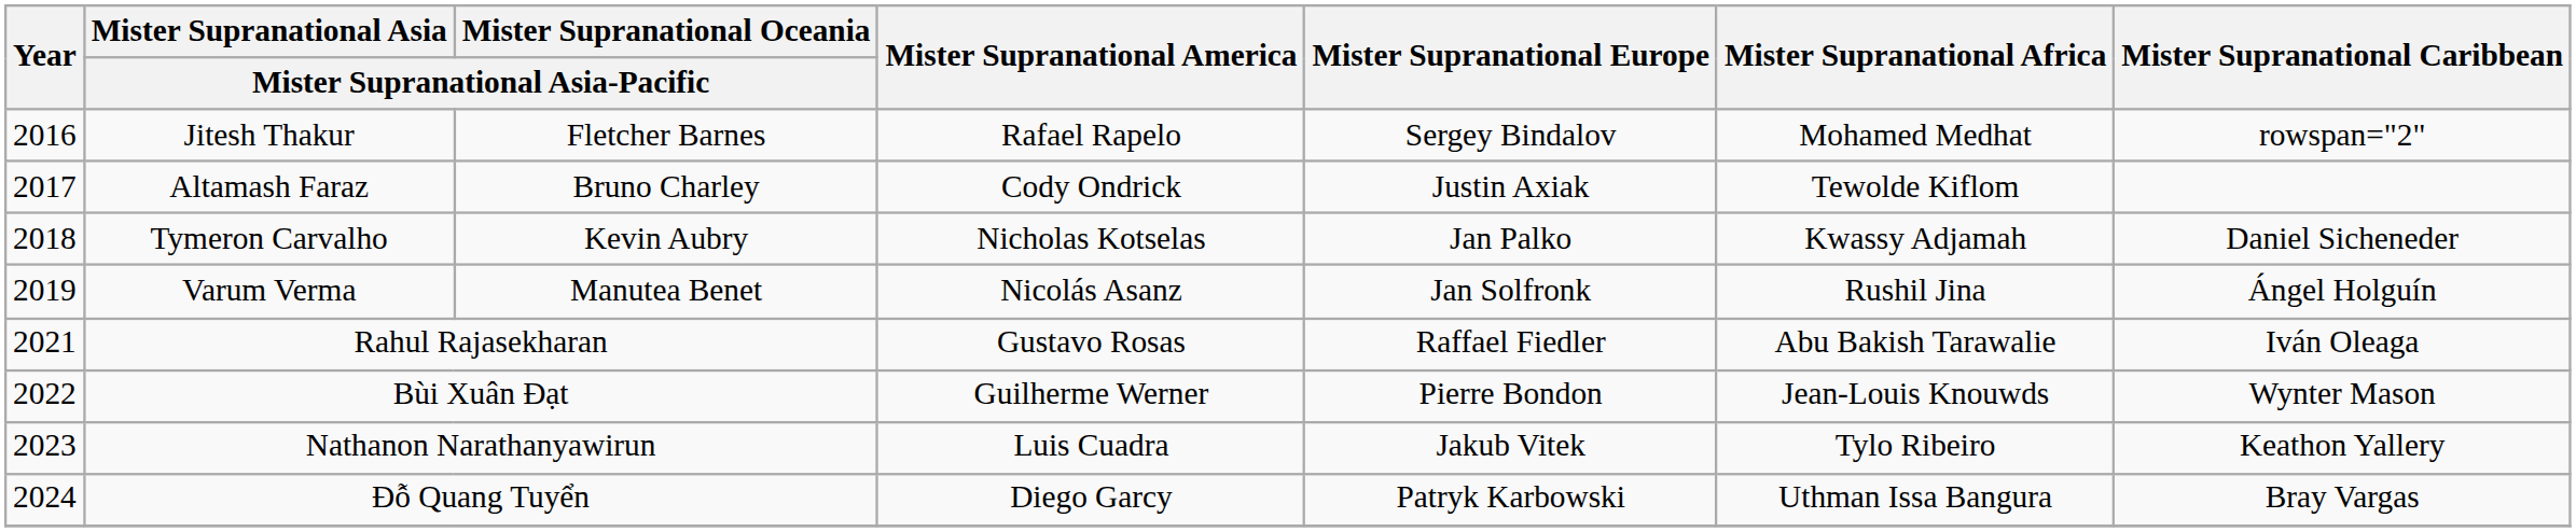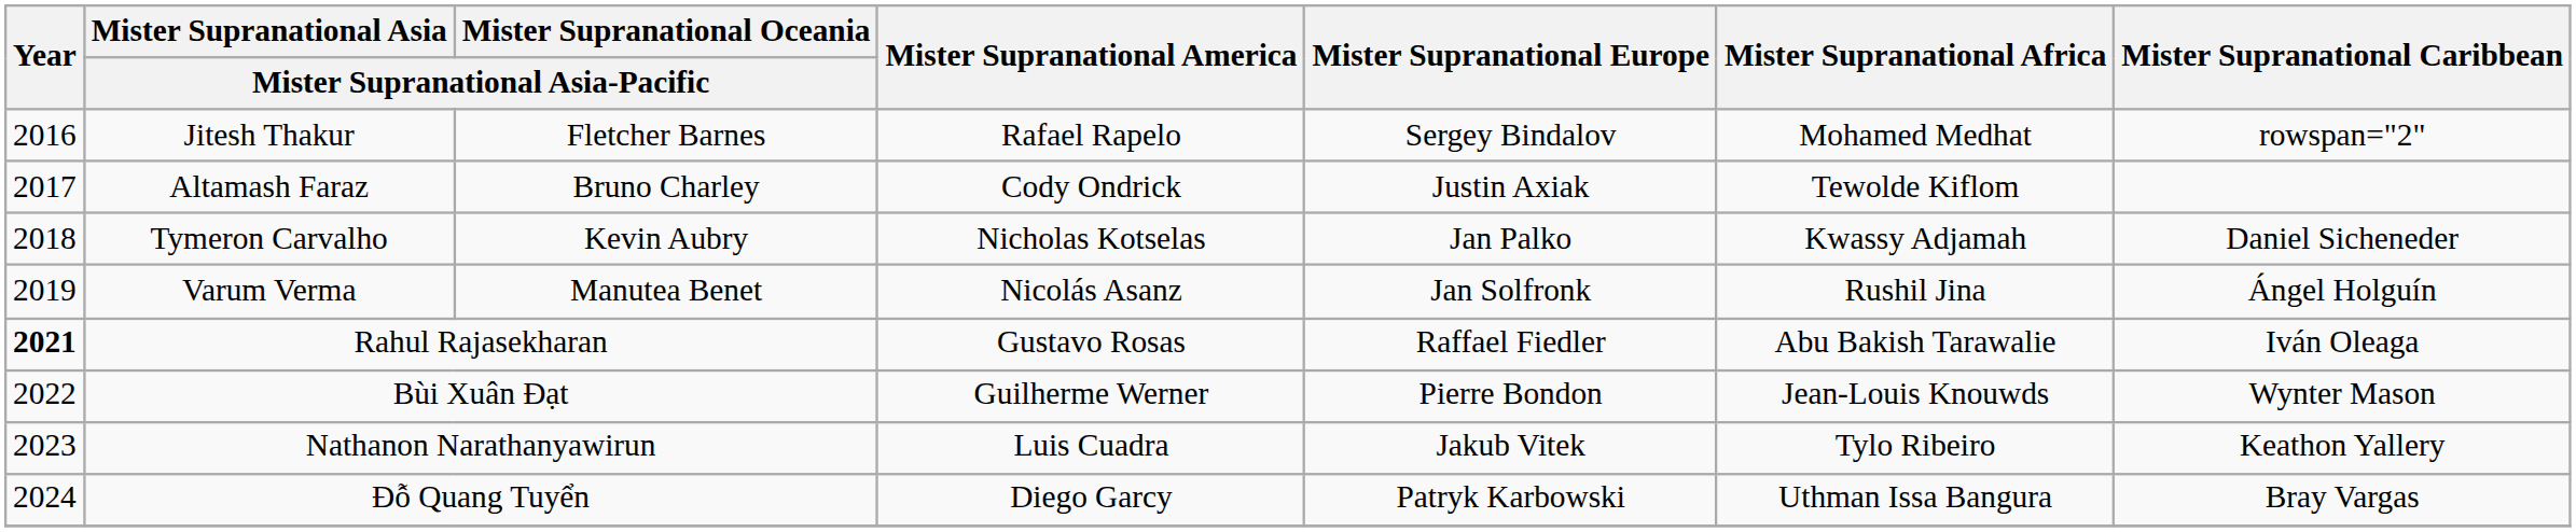 <table class="wikitable" style="font-size: 80%; text-align:center;">
 <tr>
 <th rowspan="2">Year</th>
 <th>Mister Supranational Asia</th>
 <th>Mister Supranational Oceania</th>
 <th rowspan="2">Mister Supranational America</th>
 <th rowspan="2">Mister Supranational Europe</th>
 <th rowspan="2">Mister Supranational Africa</th>
 <th rowspan="2">Mister Supranational Caribbean</th>
 </tr>
 <tr>
 <th colspan="2">Mister Supranational Asia-Pacific</th>
 </tr>
 <tr>
 <td>2016</td>
 <td>Jitesh Thakur<br></td>
 <td>Fletcher Barnes<br></td>
 <td>Rafael Rapelo<br></td>
 <td>Sergey Bindalov<br></td>
 <td>Mohamed Medhat<br></td>
 <td>rowspan="2" </td>
 </tr>
 <tr>
 <td>2017</td>
 <td>Altamash Faraz<br></td>
 <td>Bruno Charley<br></td>
 <td>Cody Ondrick<br></td>
 <td>Justin Axiak<br></td>
 <td>Tewolde Kiflom<br></td>
 </tr>
 <tr>
 <td>2018</td>
 <td>Tymeron Carvalho<br></td>
 <td>Kevin Aubry<br></td>
 <td>Nicholas Kotselas<br></td>
 <td>Jan Palko<br></td>
 <td>Kwassy Adjamah<br></td>
 <td>Daniel Sicheneder<br></td>
 </tr>
 <tr>
 <td>2019</td>
 <td>Varum Verma<br></td>
 <td>Manutea Benet<br></td>
 <td>Nicolás Asanz<br></td>
 <td>Jan Solfronk<br></td>
 <td>Rushil Jina<br></td>
 <td>Ángel Holguín<br></td>
 </tr>
 <tr>
-<td>2021</td>
+<td><strong>2021</strong></td>
 <td colspan="2">Rahul Rajasekharan<br></td>
 <td>Gustavo Rosas<br></td>
 <td>Raffael Fiedler<br></td>
 <td>Abu Bakish Tarawalie<br></td>
 <td>Iván Oleaga<br></td>
 </tr>
 <tr>
 <td>2022</td>
 <td colspan="2">Bùi Xuân Đạt<br></td>
 <td>Guilherme Werner<br></td>
 <td>Pierre Bondon<br></td>
 <td>Jean-Louis Knouwds<br></td>
 <td>Wynter Mason<br></td>
 </tr>
 <tr>
 <td>2023</td>
 <td colspan="2">Nathanon Narathanyawirun<br></td>
 <td>Luis Cuadra<br></td>
 <td>Jakub Vitek<br></td>
 <td>Tylo Ribeiro<br></td>
 <td>Keathon Yallery<br></td>
 </tr>
 <tr>
 <td>2024</td>
 <td colspan="2">Đỗ Quang Tuyển<br></td>
 <td>Diego Garcy<br></td>
 <td>Patryk Karbowski<br></td>
 <td>Uthman Issa Bangura<br></td>
 <td>Bray Vargas<br></td>
 </tr>
 <tr>
 </tr>
 </table>
